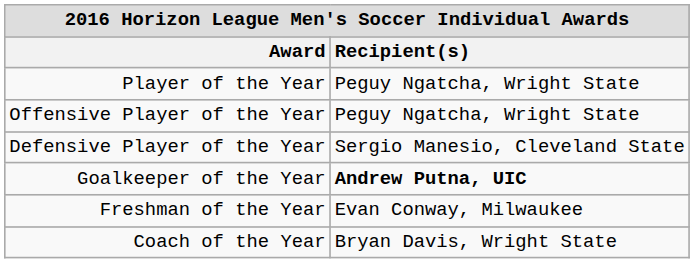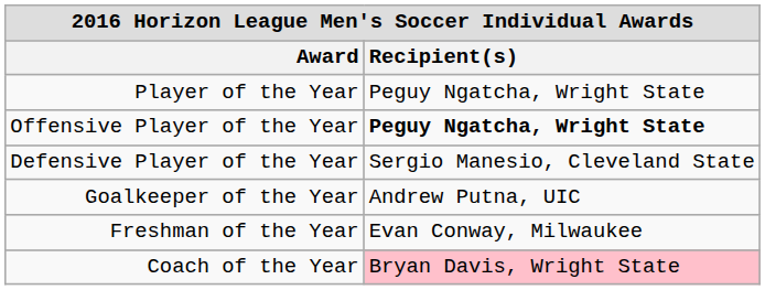 <table class="wikitable" style="white-space:nowrap; font-size:90%;">
 <tr>
 <td colspan="7" style="text-align:center; background:#ddd;"><strong>2016 Horizon League Men's Soccer Individual Awards</strong></td>
 </tr>
 <tr>
 <th style="text-align:right;">Award</th>
 <th style="text-align:left;">Recipient(s)</th>
 </tr>
 <tr>
 <td style="text-align:right;">Player of the Year</td>
 <td style="text-align:left;">Peguy Ngatcha, Wright State</td>
 </tr>
 <tr>
 <td style="text-align:right;">Offensive Player of the Year</td>
-<td style="text-align:left;">Peguy Ngatcha, Wright State</td>
+<td style="text-align:left;"><strong>Peguy Ngatcha, Wright State</strong></td>
 </tr>
 <tr>
 <td style="text-align:right;">Defensive Player of the Year</td>
 <td style="text-align:left;">Sergio Manesio, Cleveland State</td>
 </tr>
 <tr>
 <td style="text-align:right;">Goalkeeper of the Year</td>
-<td style="text-align:left;"><strong>Andrew Putna, UIC</strong></td>
+<td style="text-align:left;">Andrew Putna, UIC</td>
 </tr>
 <tr>
 <td style="text-align:right;">Freshman of the Year</td>
 <td style="text-align:left;">Evan Conway, Milwaukee</td>
 </tr>
 <tr>
 <td style="text-align:right;">Coach of the Year</td>
-<td style="text-align:left;">Bryan Davis, Wright State</td>
+<td style="background: pink; text-align:left;">Bryan Davis, Wright State</td>
 </tr>
 </table>
